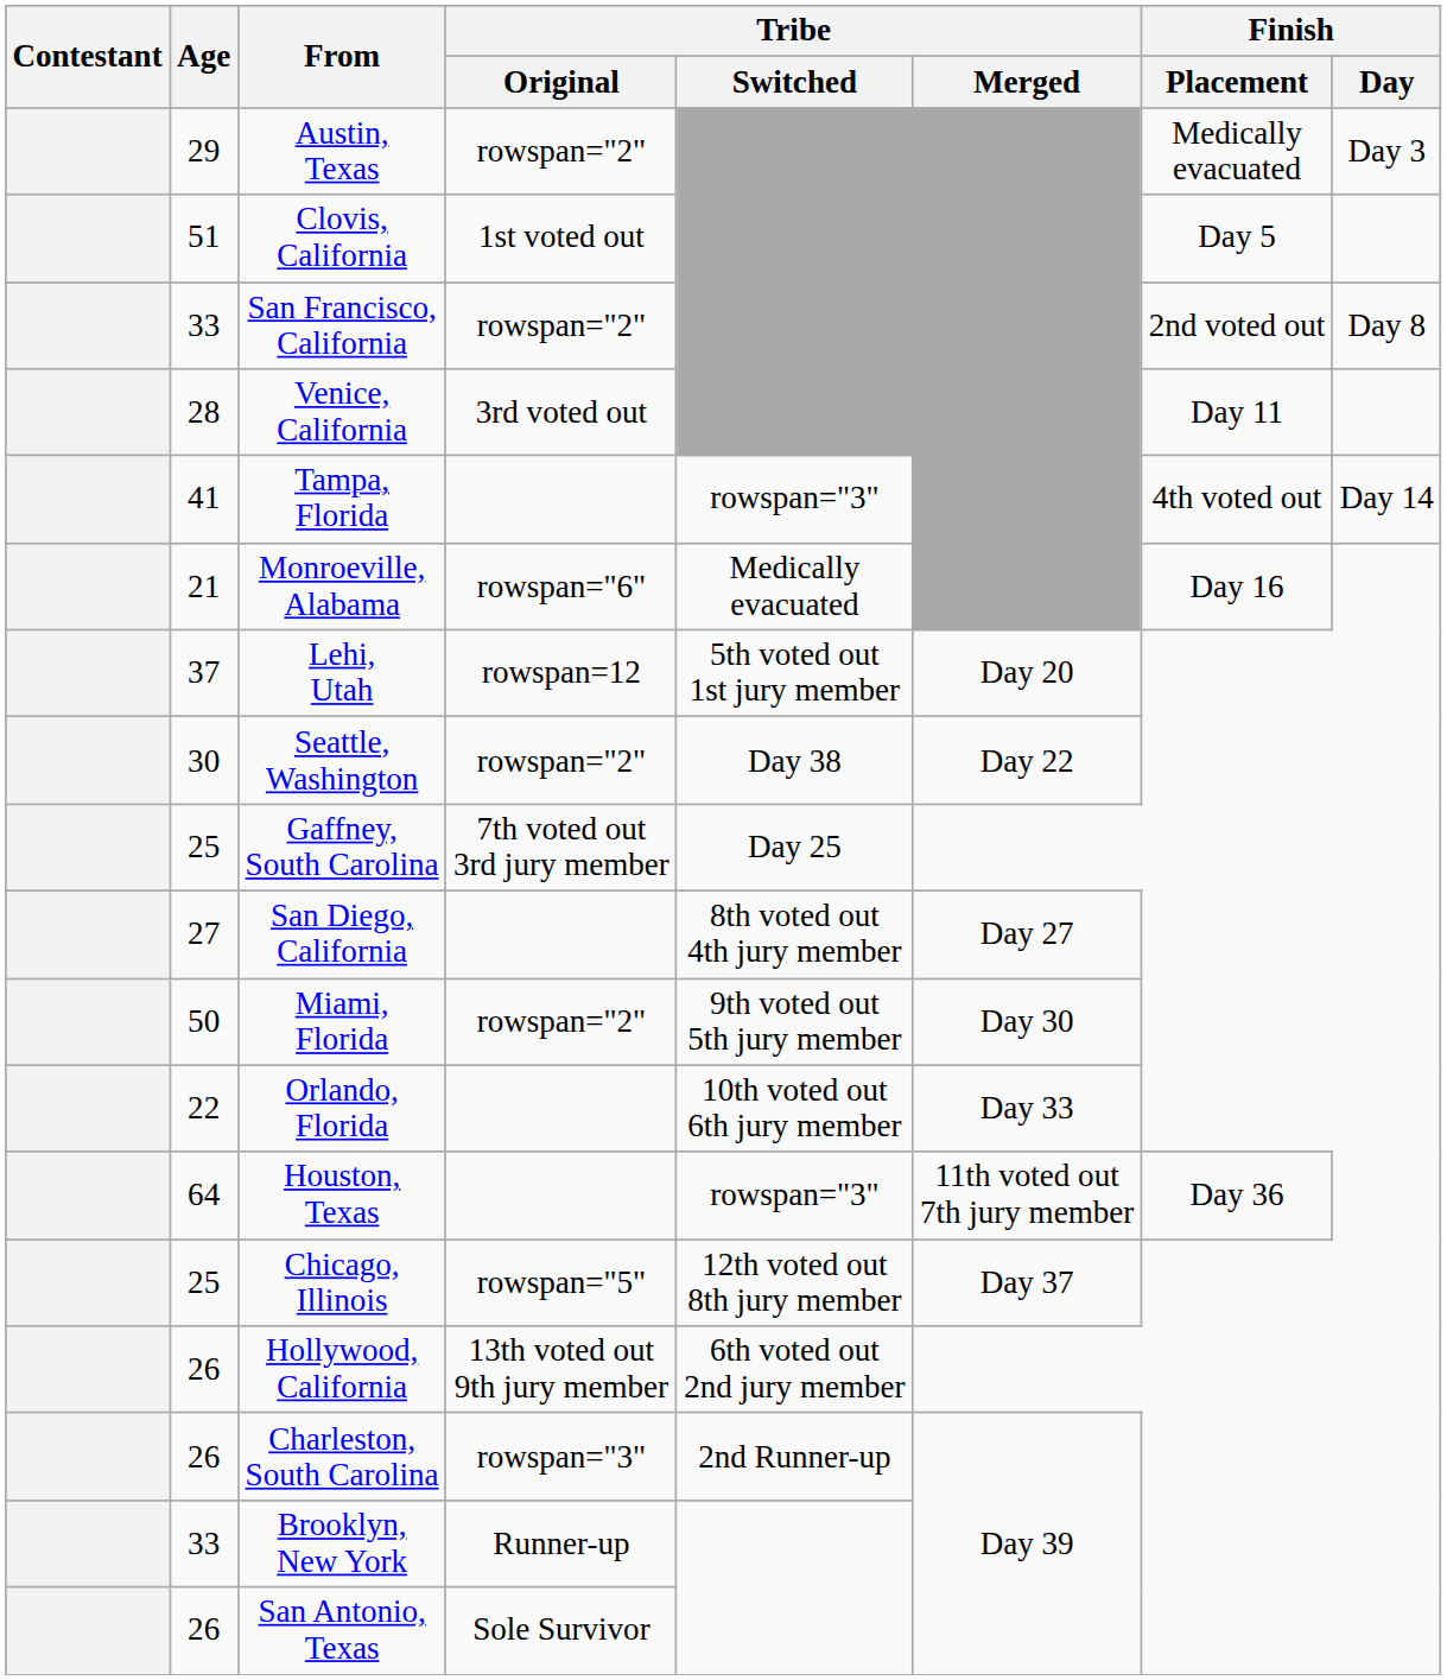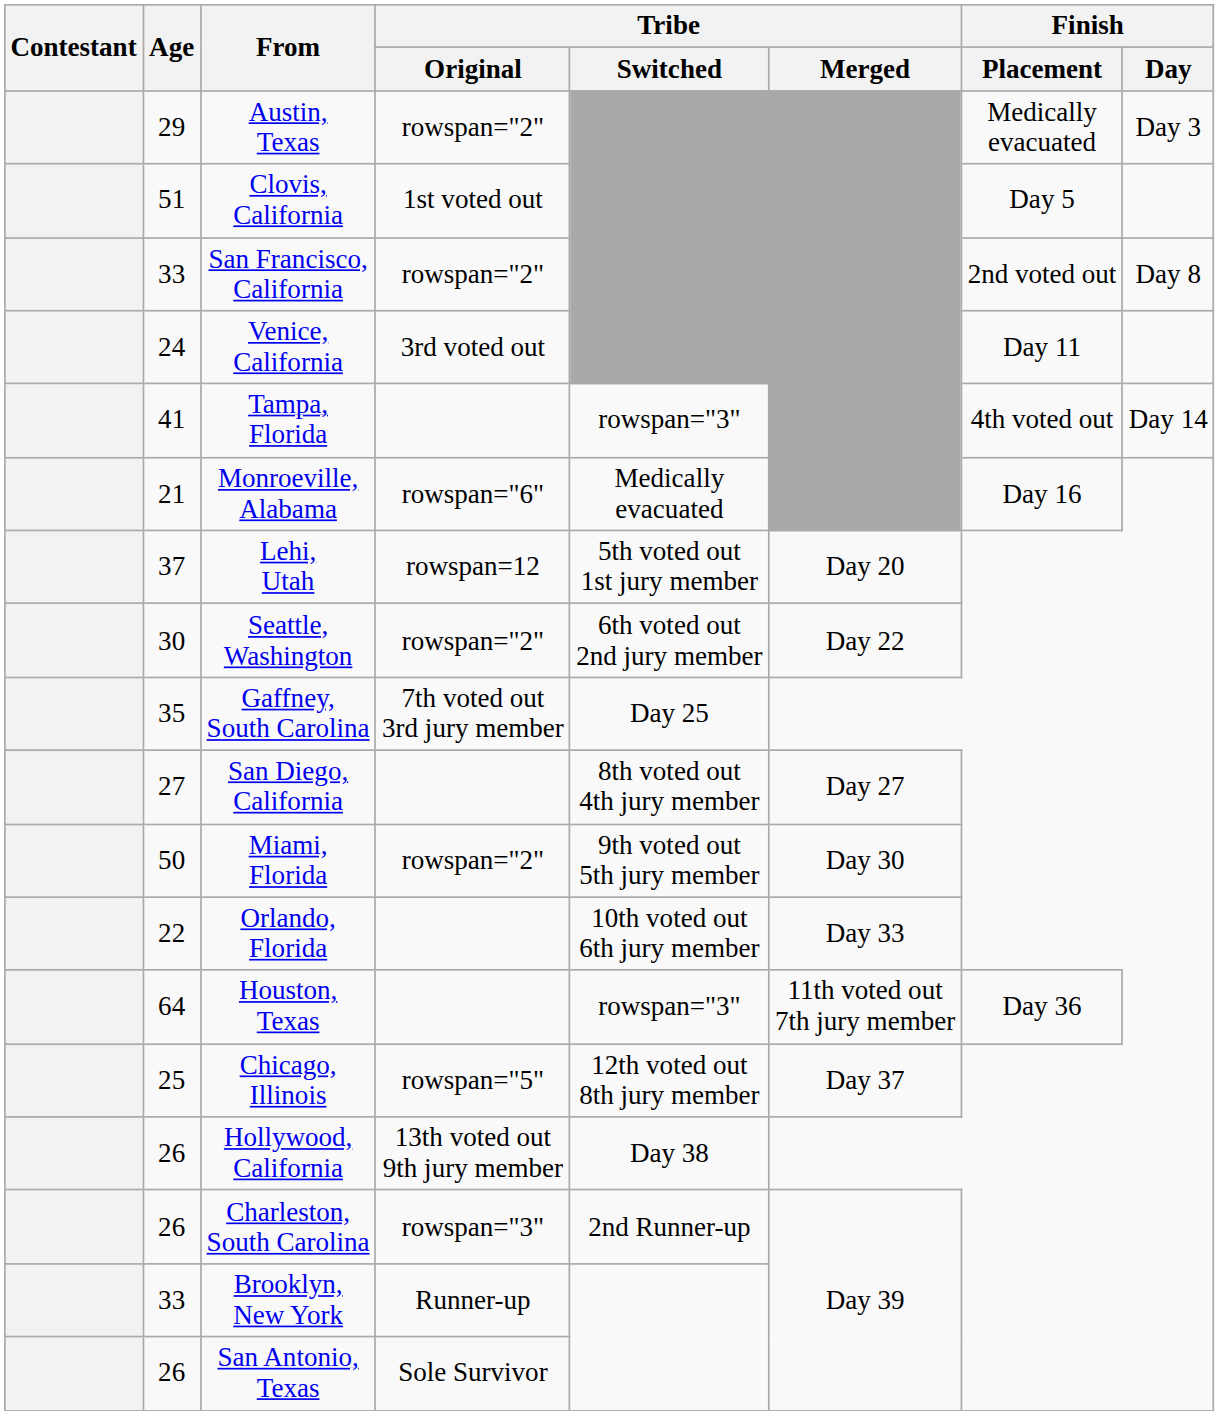 <table class="wikitable sortable" style="margin:auto; text-align:center">
 <tr>
 <th rowspan="2" scope="col">Contestant</th>
 <th rowspan="2" scope="col">Age</th>
 <th rowspan="2" scope="col" class=unsortable>From</th>
 <th colspan="3" scope="colgroup">Tribe</th>
 <th colspan="2" scope="colgroup">Finish</th>
 </tr>
 <tr>
 <th scope="col">Original</th>
 <th scope="col">Switched</th>
 <th scope="col" class=unsortable>Merged</th>
 <th scope="col" class=unsortable>Placement</th>
 <th scope="col" class=unsortable>Day</th>
 </tr>
 <tr>
 <th scope="row" style=text-align:left></th>
 <td>29</td>
 <td><a href='#'>Austin,<br>Texas</a></td>
 <td>rowspan="2" </td>
 <td style="background:darkgrey;" rowspan="4"></td>
 <td style="background:darkgrey;" rowspan="6"></td>
 <td>Medically<br>evacuated</td>
 <td>Day 3</td>
 </tr>
 <tr>
 <th scope="row" style=text-align:left></th>
 <td>51</td>
 <td><a href='#'>Clovis,<br>California</a></td>
 <td>1st voted out</td>
 <td>Day 5</td>
 </tr>
 <tr>
 <th scope="row" style=text-align:left></th>
 <td>33</td>
 <td><a href='#'>San Francisco,<br>California</a></td>
 <td>rowspan="2" </td>
 <td>2nd voted out</td>
 <td>Day 8</td>
 </tr>
 <tr>
 <th scope="row" style=text-align:left></th>
-<td>28</td>
+<td>24</td>
 <td><a href='#'>Venice,<br>California</a></td>
 <td>3rd voted out</td>
 <td>Day 11</td>
 </tr>
 <tr>
 <th scope="row" style=text-align:left></th>
 <td>41</td>
 <td><a href='#'>Tampa,<br>Florida</a></td>
 <td></td>
 <td>rowspan="3" </td>
 <td>4th voted out</td>
 <td>Day 14</td>
 </tr>
 <tr>
 <th scope="row" style=text-align:left></th>
 <td>21</td>
 <td><a href='#'>Monroeville,<br>Alabama</a></td>
 <td>rowspan="6" </td>
 <td>Medically<br>evacuated</td>
 <td>Day 16</td>
 </tr>
 <tr>
 <th scope="row" style=text-align:left></th>
 <td>37</td>
 <td><a href='#'>Lehi,<br>Utah</a></td>
 <td>rowspan=12 </td>
 <td>5th voted out<br>1st jury member</td>
 <td>Day 20</td>
 </tr>
 <tr>
 <th scope="row" style=text-align:left></th>
 <td>30</td>
 <td><a href='#'>Seattle,<br>Washington</a></td>
 <td>rowspan="2" </td>
-<td>Day 38</td>
+<td>6th voted out<br>2nd jury member</td>
 <td>Day 22</td>
 </tr>
 <tr>
 <th scope="row" style=text-align:left></th>
-<td>25</td>
+<td>35</td>
 <td><a href='#'>Gaffney,<br>South Carolina</a></td>
 <td>7th voted out<br>3rd jury member</td>
 <td>Day 25</td>
 </tr>
 <tr>
 <th scope="row" style=text-align:left></th>
 <td>27</td>
 <td><a href='#'>San Diego,<br>California</a></td>
 <td></td>
 <td>8th voted out<br>4th jury member</td>
 <td>Day 27</td>
 </tr>
 <tr>
 <th scope="row" style=text-align:left></th>
 <td>50</td>
 <td><a href='#'>Miami,<br>Florida</a></td>
 <td>rowspan="2" </td>
 <td>9th voted out<br>5th jury member</td>
 <td>Day 30</td>
 </tr>
 <tr>
 <th scope="row" style=text-align:left></th>
 <td>22</td>
 <td><a href='#'>Orlando,<br>Florida</a></td>
 <td></td>
 <td>10th voted out<br>6th jury member</td>
 <td>Day 33</td>
 </tr>
 <tr>
 <th scope="row" style=text-align:left></th>
 <td>64</td>
 <td><a href='#'>Houston,<br>Texas</a></td>
 <td></td>
 <td>rowspan="3" </td>
 <td>11th voted out<br>7th jury member</td>
 <td>Day 36</td>
 </tr>
 <tr>
 <th scope="row" style=text-align:left></th>
 <td>25</td>
 <td><a href='#'>Chicago,<br>Illinois</a></td>
 <td>rowspan="5" </td>
 <td>12th voted out<br>8th jury member</td>
 <td>Day 37</td>
 </tr>
 <tr>
 <th scope="row" style=text-align:left></th>
 <td>26</td>
 <td><a href='#'>Hollywood,<br>California</a></td>
 <td>13th voted out<br>9th jury member</td>
-<td>6th voted out<br>2nd jury member</td>
+<td>Day 38</td>
 </tr>
 <tr>
 <th scope="row" style=text-align:left></th>
 <td>26</td>
 <td><a href='#'>Charleston,<br>South Carolina</a></td>
 <td>rowspan="3" </td>
 <td>2nd Runner-up</td>
 <td rowspan="3">Day 39</td>
 </tr>
 <tr>
 <th scope="row" style=text-align:left></th>
 <td>33</td>
 <td><a href='#'>Brooklyn,<br>New York</a></td>
 <td>Runner-up</td>
 </tr>
 <tr>
 <th scope="row" style=text-align:left></th>
 <td>26</td>
 <td><a href='#'>San Antonio,<br>Texas</a></td>
 <td>Sole Survivor</td>
 </tr>
 </table>
